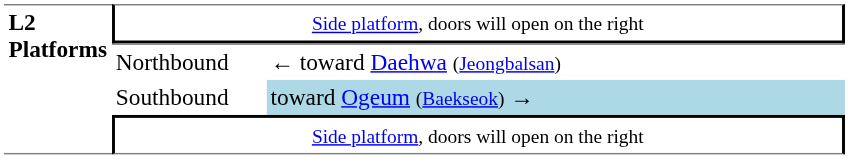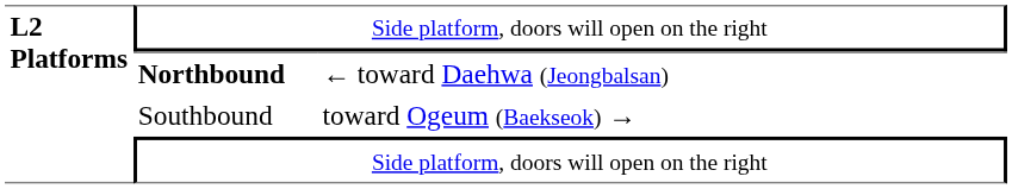 <table table border=0 cellspacing=0 cellpadding=3>
 <tr>
 <td style="border-top:solid 1px gray;border-bottom:solid 1px gray;" width=50 rowspan=10 valign=top><strong>L2<br>Platforms</strong></td>
 <td style="border-top:solid 1px gray;border-right:solid 2px black;border-left:solid 2px black;border-bottom:solid 2px black;text-align:center;" colspan=2><small><a href='#'>Side platform</a>, doors will open on the right </small></td>
 </tr>
 <tr>
-<td style="border-bottom:solid 0px gray;border-top:solid 1px gray;" width=100>Northbound</td>
+<td style="border-bottom:solid 0px gray;border-top:solid 1px gray;" width=100><strong>Northbound</strong></td>
 <td style="border-bottom:solid 0px gray;border-top:solid 1px gray;" width=390>←  toward <a href='#'>Daehwa</a> <small>(<a href='#'>Jeongbalsan</a>)</small></td>
 </tr>
 <tr>
 <td>Southbound</td>
-<td style="background: lightblue;">  toward <a href='#'>Ogeum</a> <small>(<a href='#'>Baekseok</a>)</small> →</td>
+<td>  toward <a href='#'>Ogeum</a> <small>(<a href='#'>Baekseok</a>)</small> →</td>
 </tr>
 <tr>
 <td style="border-top:solid 2px black;border-right:solid 2px black;border-left:solid 2px black;border-bottom:solid 1px gray;text-align:center;" colspan=2><small><a href='#'>Side platform</a>, doors will open on the right </small></td>
 </tr>
 </table>
